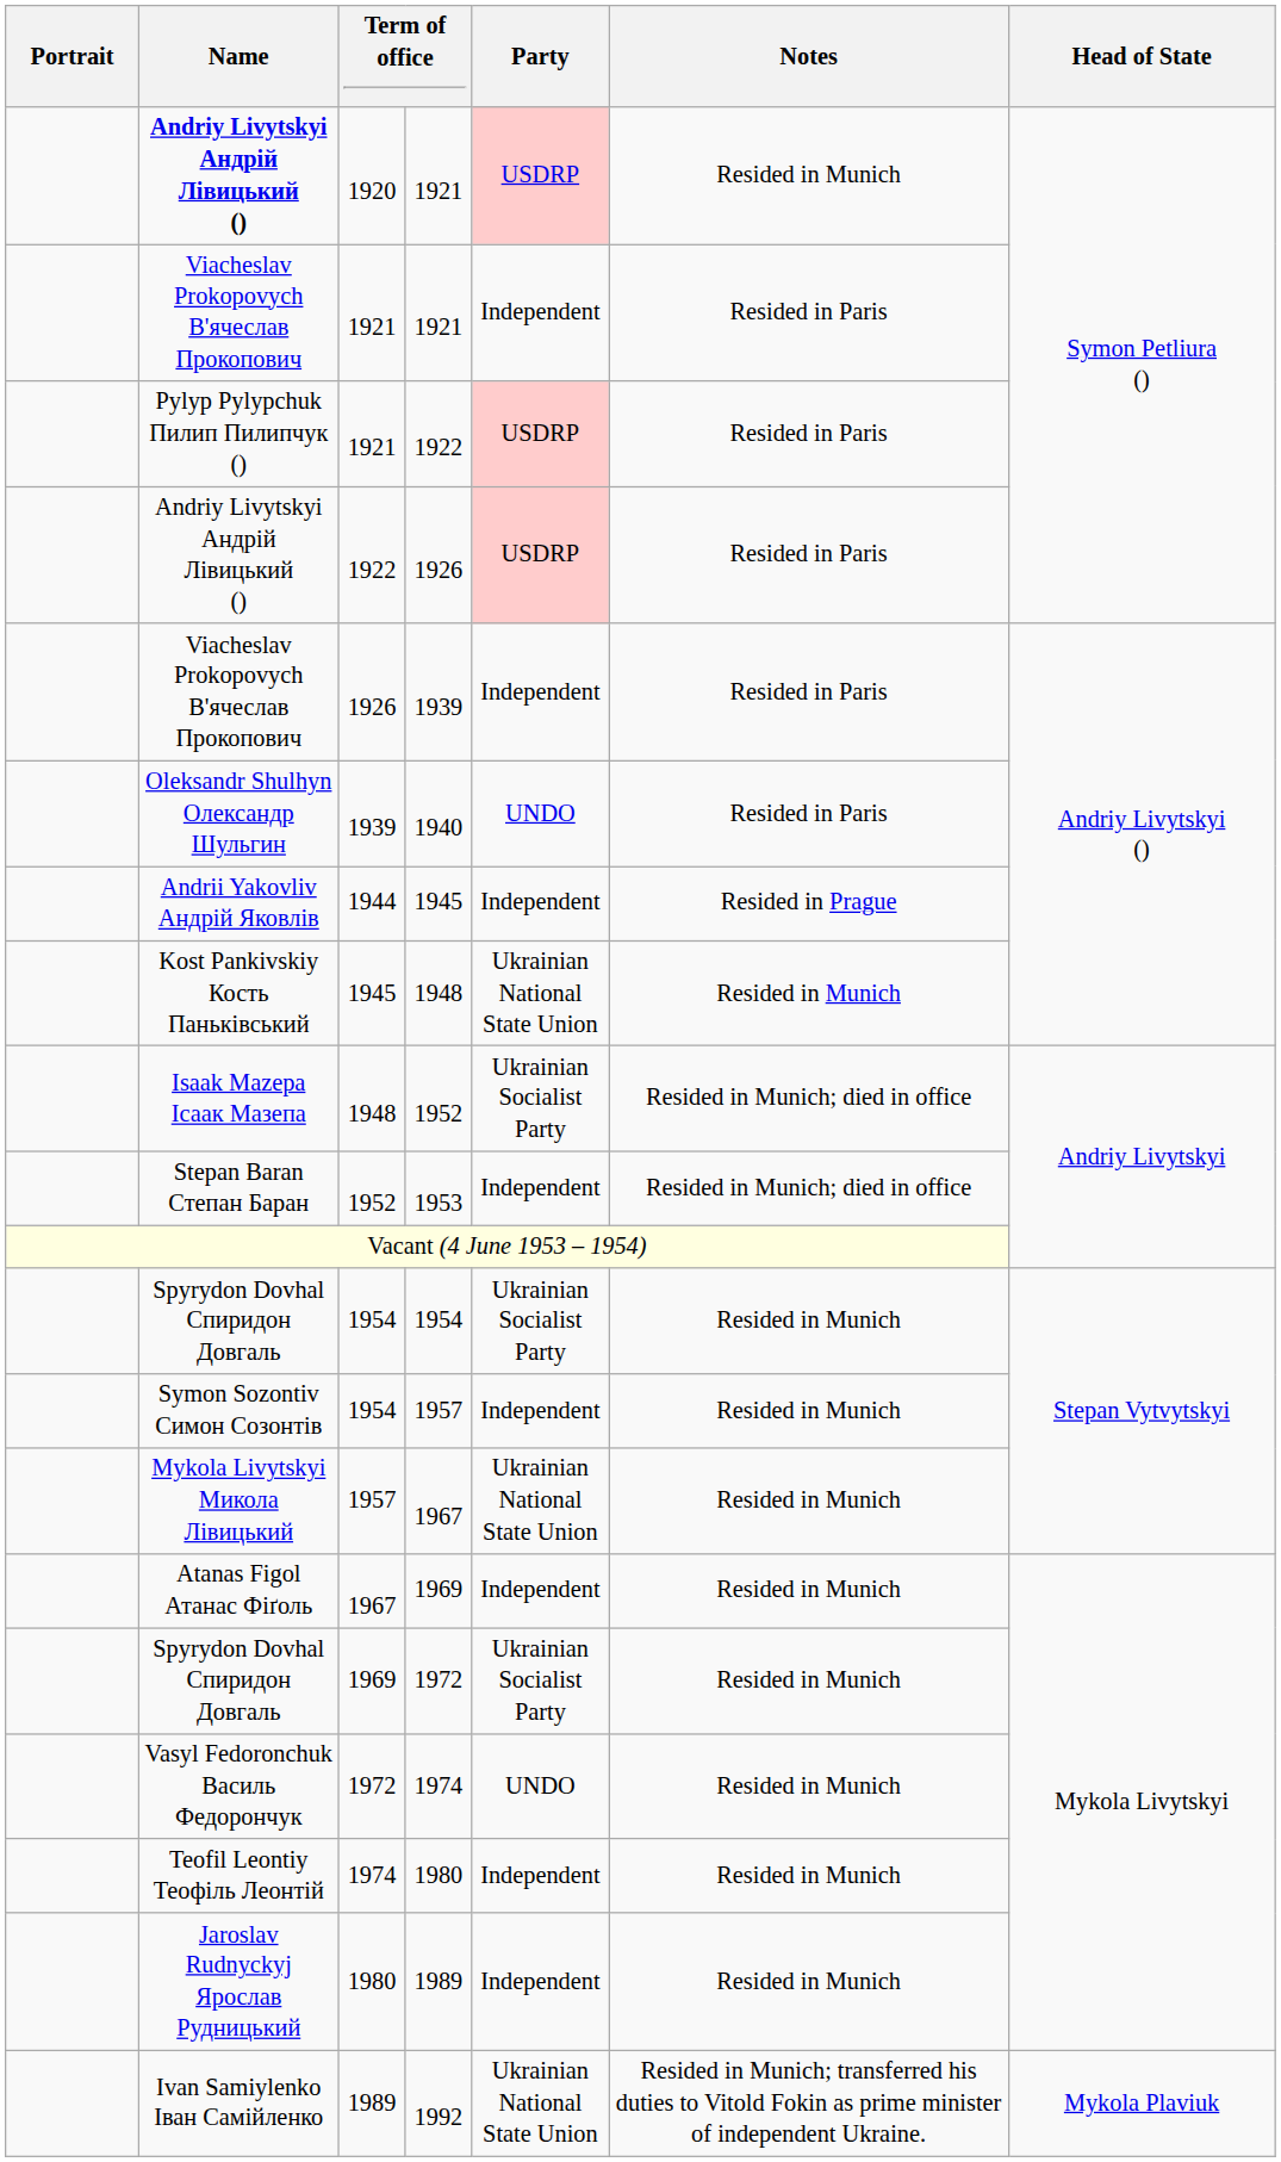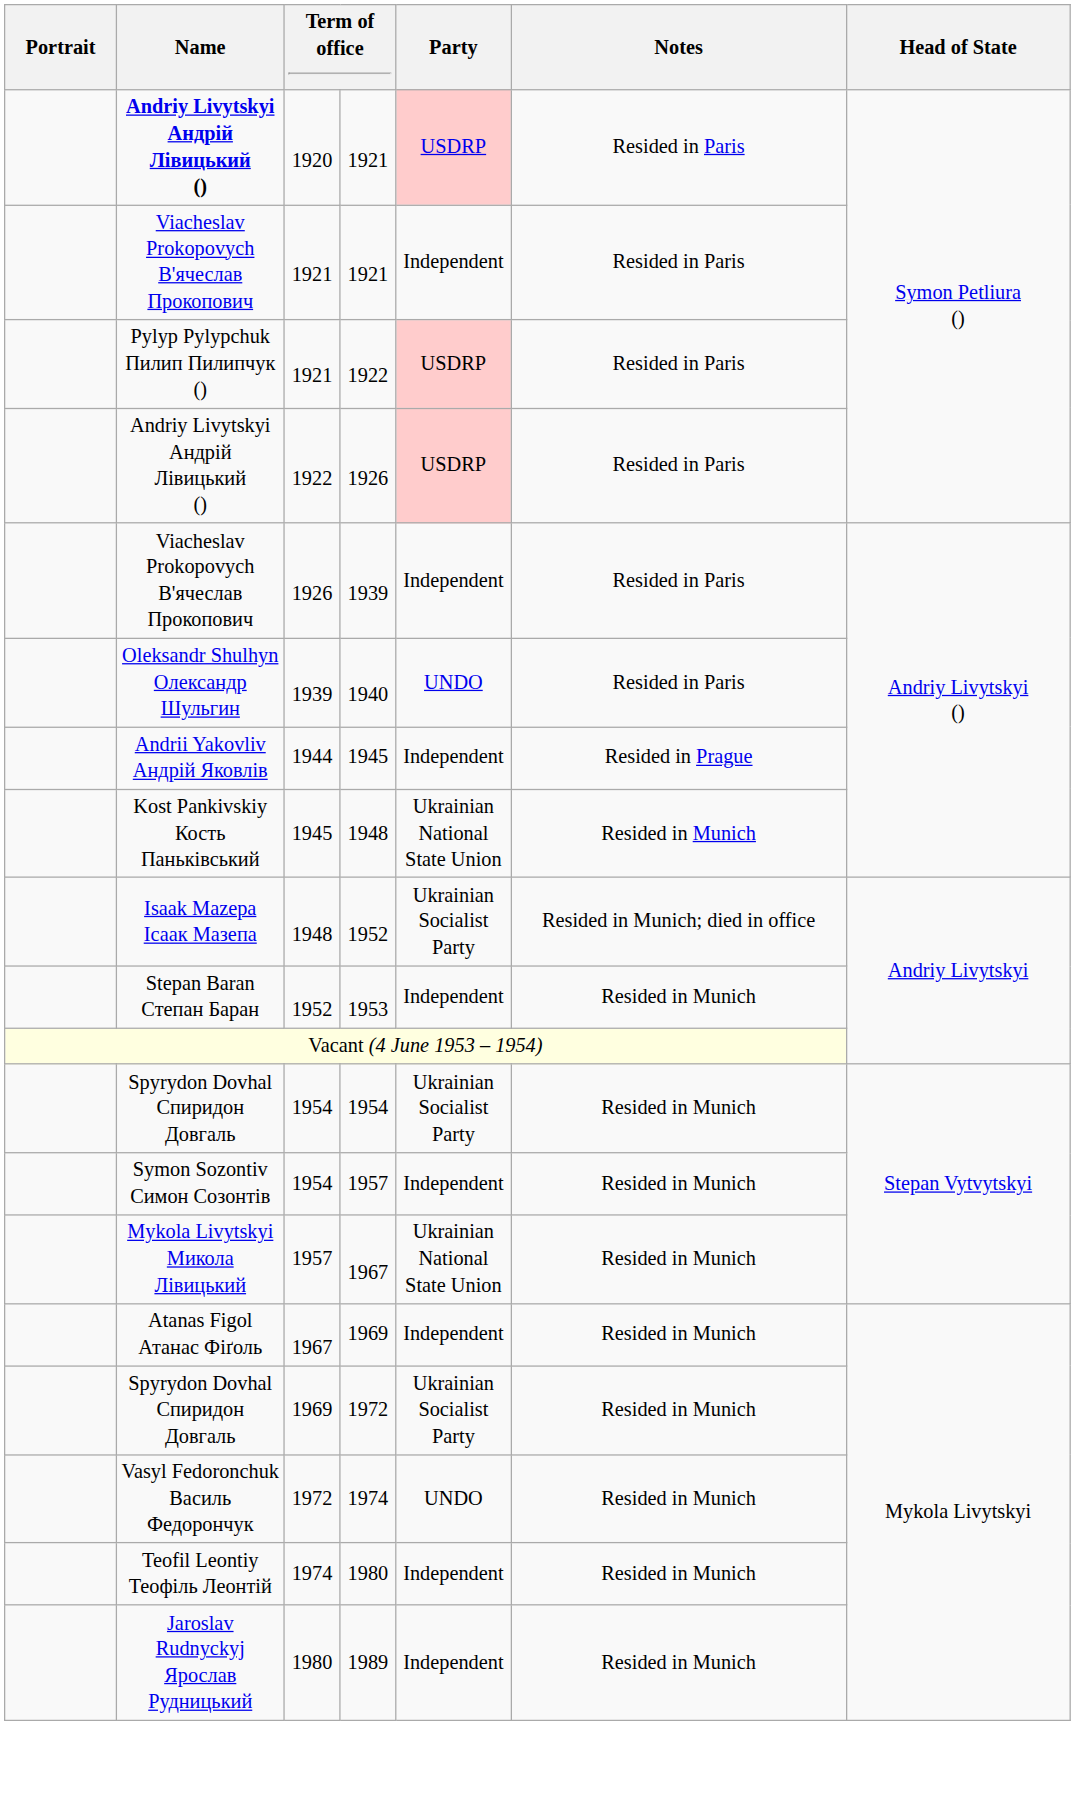 <table class="wikitable plainrowheaders" style="text-align: center; line-height: 130%; width: 95%">
 <tr>
 <th scope="col" style="width: 10%">Portrait</th>
 <th scope="col" style="width: 15%">Name<br></th>
 <th scope="col" colspan="2" style="width: 10%">Term of office<hr></th>
 <th scope="col" style="width: 10%">Party</th>
 <th scope="col" style="width: 30%">Notes</th>
 <th scope="col" style="width: 20%">Head of State</th>
 </tr>
 <tr>
 <td></td>
 <td><strong><a href='#'>Andriy Livytskyi<br><span>Андрій Лівицький</span></a><br>()</strong></td>
 <td class="nowrap"><br>1920</td>
 <td class="nowrap"><br>1921</td>
 <td style="background:#FFCCCC"><a href='#'>USDRP</a></td>
-<td>Resided in Munich</td>
+<td>Resided in <a href='#'>Paris</a></td>
 <td rowspan="4"><a href='#'>Symon Petliura</a><br>()</td>
 </tr>
 <tr>
 <td></td>
 <td><a href='#'>Viacheslav Prokopovych<br><span>В'ячеслав Прокопович</span></a></td>
 <td class="nowrap"><br>1921</td>
 <td class="nowrap"><br>1921</td>
 <td>Independent</td>
 <td>Resided in Paris</td>
 </tr>
 <tr>
 <td></td>
 <td>Pylyp Pylypchuk<br><span>Пилип Пилипчук</span> ()</td>
 <td class="nowrap"><br>1921</td>
 <td class="nowrap"><br>1922</td>
 <td style="background:#FFCCCC">USDRP</td>
 <td>Resided in Paris</td>
 </tr>
 <tr>
 <td></td>
 <td>Andriy Livytskyi<br><span>Андрій Лівицький</span><br>()</td>
 <td class="nowrap"><br>1922</td>
 <td class="nowrap"><br>1926</td>
 <td style="background:#FFCCCC">USDRP</td>
 <td>Resided in Paris</td>
 </tr>
 <tr>
 <td></td>
 <td>Viacheslav Prokopovych<br><span>В'ячеслав Прокопович</span></td>
 <td class="nowrap"><br>1926</td>
 <td class="nowrap"><br>1939</td>
 <td>Independent</td>
 <td>Resided in Paris</td>
 <td rowspan="4"><a href='#'>Andriy Livytskyi</a><br>()</td>
 </tr>
 <tr>
 <td></td>
 <td><a href='#'>Oleksandr Shulhyn<br><span>Олександр Шульгин</span></a> </td>
 <td class="nowrap"><br>1939</td>
 <td class="nowrap"><br>1940</td>
 <td style="background:"><a href='#'>UNDO</a></td>
 <td>Resided in Paris</td>
 </tr>
 <tr>
 <td></td>
 <td><a href='#'>Andrii Yakovliv<br><span>Андрій Яковлів</span></a> </td>
 <td class="nowrap">1944</td>
 <td class="nowrap">1945</td>
 <td>Independent</td>
 <td>Resided in <a href='#'>Prague</a></td>
 </tr>
 <tr>
 <td></td>
 <td>Kost Pankivskiy<br><span>Кость Паньківський</span> </td>
 <td class="nowrap">1945</td>
 <td class="nowrap">1948</td>
 <td>Ukrainian National State Union</td>
 <td>Resided in <a href='#'>Munich</a></td>
 </tr>
 <tr>
 <td></td>
 <td><a href='#'>Isaak Mazepa<br><span>Ісаак Мазепа</span></a> </td>
 <td class="nowrap"><br>1948</td>
 <td class="nowrap"><br>1952</td>
 <td>Ukrainian Socialist Party</td>
 <td>Resided in Munich; died in office</td>
 <td rowspan="3"><a href='#'>Andriy Livytskyi</a> </td>
 </tr>
 <tr>
 <td></td>
 <td>Stepan Baran<br><span>Степан Баран</span> </td>
 <td class="nowrap"><br>1952</td>
 <td class="nowrap"><br>1953</td>
 <td>Independent</td>
-<td>Resided in Munich; died in office</td>
+<td>Resided in Munich</td>
 </tr>
 <tr>
 <td colspan="6" style="background:#FFFFE0">Vacant <em>(4 June 1953 – 1954)</em></td>
 </tr>
 <tr>
 <td></td>
 <td>Spyrydon Dovhal<br><span>Спиридон Довгаль</span> </td>
 <td class="nowrap">1954</td>
 <td class="nowrap">1954</td>
 <td>Ukrainian Socialist Party</td>
 <td>Resided in Munich</td>
 <td rowspan="3"><a href='#'>Stepan Vytvytskyi</a></td>
 </tr>
 <tr>
 <td></td>
 <td>Symon Sozontiv<br><span>Симон Созонтів</span> </td>
 <td class="nowrap">1954</td>
 <td class="nowrap">1957</td>
 <td>Independent</td>
 <td>Resided in Munich</td>
 </tr>
 <tr>
 <td></td>
 <td><a href='#'>Mykola Livytskyi<br><span>Микола Лівицький</span></a> </td>
 <td class="nowrap">1957</td>
 <td class="nowrap"><br>1967</td>
 <td>Ukrainian National State Union</td>
 <td>Resided in Munich</td>
 </tr>
 <tr>
 <td></td>
 <td>Atanas Figol<br><span>Атанас Фіґоль</span> </td>
 <td class="nowrap"><br>1967</td>
 <td class="nowrap">1969</td>
 <td>Independent</td>
 <td>Resided in Munich</td>
 <td rowspan="5">Mykola Livytskyi</td>
 </tr>
 <tr>
 <td></td>
 <td>Spyrydon Dovhal<br><span>Спиридон Довгаль</span> </td>
 <td class="nowrap">1969</td>
 <td class="nowrap">1972</td>
 <td>Ukrainian Socialist Party</td>
 <td>Resided in Munich</td>
 </tr>
 <tr>
 <td></td>
 <td>Vasyl Fedoronchuk<br><span>Василь Федорончук</span> </td>
 <td class="nowrap">1972</td>
 <td class="nowrap">1974</td>
 <td style="background:">UNDO</td>
 <td>Resided in Munich</td>
 </tr>
 <tr>
 <td></td>
 <td>Teofil Leontiy<br><span>Теофіль Леонтій</span> </td>
 <td class="nowrap">1974</td>
 <td class="nowrap">1980</td>
 <td>Independent</td>
 <td>Resided in Munich</td>
 </tr>
 <tr>
 <td></td>
 <td><a href='#'>Jaroslav Rudnyckyj<br><span>Ярослав Рудницький</span></a> </td>
 <td class="nowrap">1980</td>
 <td class="nowrap">1989</td>
 <td>Independent</td>
 <td>Resided in Munich</td>
 </tr>
-<tr>
-<td></td>
-<td>Ivan Samiylenko<br><span>Іван Самійленко</span> </td>
-<td class="nowrap">1989</td>
-<td class="nowrap"><br>1992</td>
-<td>Ukrainian National State Union</td>
-<td>Resided in Munich; transferred his duties to Vitold Fokin as prime minister of independent Ukraine.</td>
-<td><a href='#'>Mykola Plaviuk</a></td>
-</tr>
 </table>
